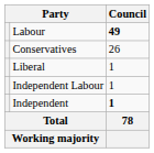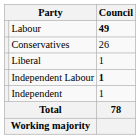 <table class="wikitable">
 <tr>
 <th colspan="2" valign="top">Party</th>
 <th valign="top">Council</th>
 </tr>
 <tr>
 <th style="background-color: "></th>
 <td>Labour</td>
 <td><strong>49</strong></td>
 </tr>
 <tr>
 <th style="background-color: "></th>
 <td>Conservatives</td>
 <td>26</td>
 </tr>
 <tr>
 <th style="background-color: "></th>
 <td>Liberal</td>
 <td>1</td>
 </tr>
 <tr>
 <th style="background-color: "></th>
 <td>Independent Labour</td>
-<td>1</td>
+<td><strong>1</strong></td>
 </tr>
 <tr>
 <th style="background-color: "></th>
 <td>Independent</td>
-<td><strong>1</strong></td>
+<td>1</td>
 </tr>
 <tr>
 <th colspan="2">Total</th>
 <th>78</th>
 </tr>
 <tr>
 <th colspan="2">Working majority</th>
 <th></th>
 </tr>
 </table>
